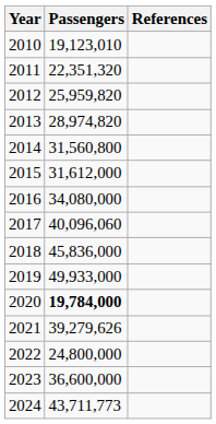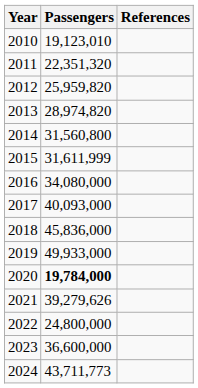 <table class="wikitable" style="display:inline-table;">
 <tr>
 <th>Year</th>
 <th>Passengers</th>
 <th>References</th>
 </tr>
 <tr>
 <td>2010</td>
 <td>19,123,010</td>
 <td></td>
 </tr>
 <tr>
 <td>2011</td>
 <td>22,351,320</td>
 <td></td>
 </tr>
 <tr>
 <td>2012</td>
 <td>25,959,820</td>
 <td></td>
 </tr>
 <tr>
 <td>2013</td>
 <td>28,974,820</td>
 <td></td>
 </tr>
 <tr>
 <td>2014</td>
 <td>31,560,800</td>
 <td></td>
 </tr>
 <tr>
 <td>2015</td>
-<td>31,612,000</td>
+<td>31,611,999</td>
 <td></td>
 </tr>
 <tr>
 <td>2016</td>
 <td>34,080,000</td>
 <td></td>
 </tr>
 <tr>
 <td>2017</td>
-<td>40,096,060</td>
+<td>40,093,000</td>
 <td></td>
 </tr>
 <tr>
 <td>2018</td>
 <td>45,836,000</td>
 <td></td>
 </tr>
 <tr>
 <td>2019</td>
 <td>49,933,000</td>
 <td></td>
 </tr>
 <tr>
 <td>2020</td>
 <td><strong>19,784,000</strong></td>
 <td></td>
 </tr>
 <tr>
 <td>2021</td>
 <td>39,279,626</td>
 <td></td>
 </tr>
 <tr>
 <td>2022</td>
 <td>24,800,000</td>
 <td></td>
 </tr>
 <tr>
 <td>2023</td>
 <td>36,600,000</td>
 <td></td>
 </tr>
 <tr>
 <td>2024</td>
 <td>43,711,773</td>
 <td></td>
 </tr>
 </table>
